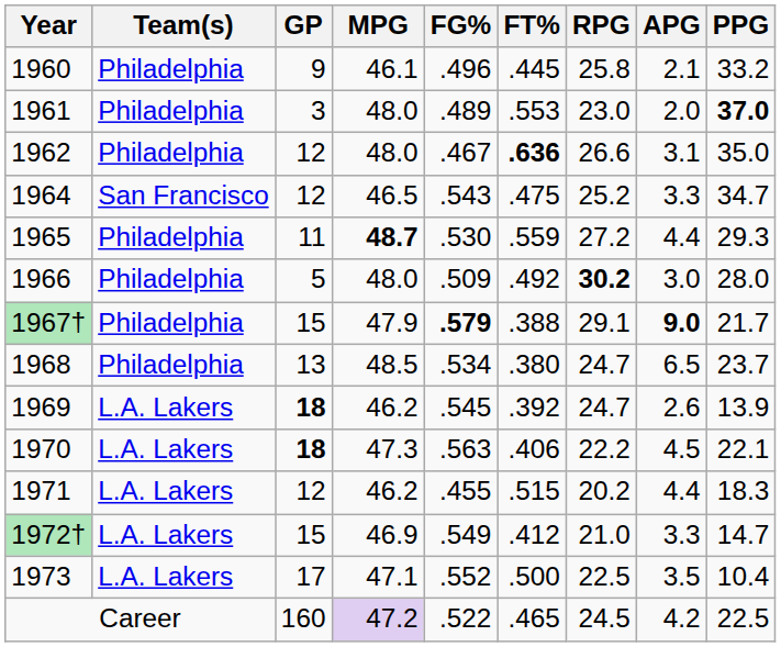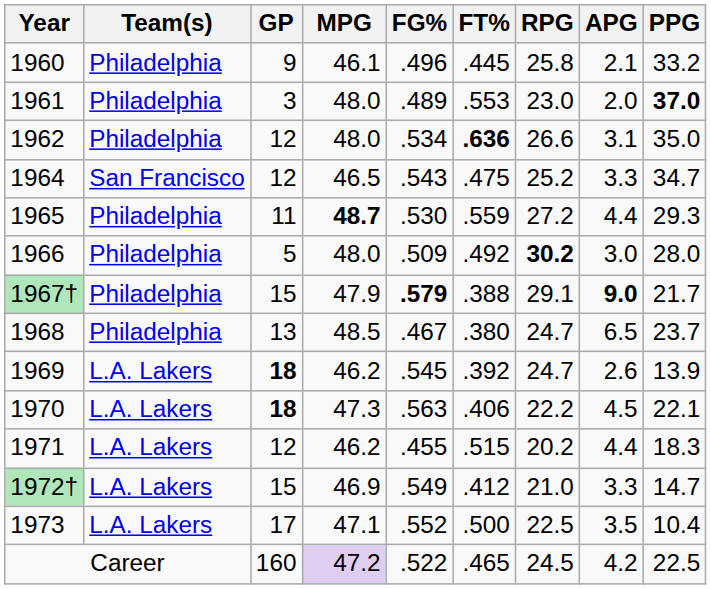 <table class="wikitable sortable" style="font-size:100%; text-align:right;">
 <tr>
 <th>Year</th>
 <th>Team(s)</th>
 <th>GP</th>
 <th>MPG</th>
 <th>FG%</th>
 <th>FT%</th>
 <th>RPG</th>
 <th>APG</th>
 <th>PPG</th>
 </tr>
 <tr>
 <td style="text-align:left;">1960</td>
 <td style="text-align:left;"><a href='#'>Philadelphia</a></td>
 <td>9</td>
 <td>46.1</td>
 <td>.496</td>
 <td>.445</td>
 <td>25.8</td>
 <td>2.1</td>
 <td>33.2</td>
 </tr>
 <tr>
 <td style="text-align:left;">1961</td>
 <td style="text-align:left;"><a href='#'>Philadelphia</a></td>
 <td>3</td>
 <td>48.0</td>
 <td>.489</td>
 <td>.553</td>
 <td>23.0</td>
 <td>2.0</td>
 <td><strong>37.0</strong></td>
 </tr>
 <tr>
 <td style="text-align:left;">1962</td>
 <td style="text-align:left;"><a href='#'>Philadelphia</a></td>
 <td>12</td>
 <td>48.0</td>
-<td>.467</td>
+<td>.534</td>
 <td><strong>.636</strong></td>
 <td>26.6</td>
 <td>3.1</td>
 <td>35.0</td>
 </tr>
 <tr>
 <td style="text-align:left;">1964</td>
 <td style="text-align:left;"><a href='#'>San Francisco</a></td>
 <td>12</td>
 <td>46.5</td>
 <td>.543</td>
 <td>.475</td>
 <td>25.2</td>
 <td>3.3</td>
 <td>34.7</td>
 </tr>
 <tr>
 <td style="text-align:left;">1965</td>
 <td style="text-align:left;"><a href='#'>Philadelphia</a></td>
 <td>11</td>
 <td><strong>48.7</strong></td>
 <td>.530</td>
 <td>.559</td>
 <td>27.2</td>
 <td>4.4</td>
 <td>29.3</td>
 </tr>
 <tr>
 <td style="text-align:left;">1966</td>
 <td style="text-align:left;"><a href='#'>Philadelphia</a></td>
 <td>5</td>
 <td>48.0</td>
 <td>.509</td>
 <td>.492</td>
 <td><strong>30.2</strong></td>
 <td>3.0</td>
 <td>28.0</td>
 </tr>
 <tr>
 <td style="text-align:left;background:#afe6ba;">1967†</td>
 <td style="text-align:left;"><a href='#'>Philadelphia</a></td>
 <td>15</td>
 <td>47.9</td>
 <td><strong>.579</strong></td>
 <td>.388</td>
 <td>29.1</td>
 <td><strong>9.0</strong></td>
 <td>21.7</td>
 </tr>
 <tr>
 <td style="text-align:left;">1968</td>
 <td style="text-align:left;"><a href='#'>Philadelphia</a></td>
 <td>13</td>
 <td>48.5</td>
-<td>.534</td>
+<td>.467</td>
 <td>.380</td>
 <td>24.7</td>
 <td>6.5</td>
 <td>23.7</td>
 </tr>
 <tr>
 <td style="text-align:left;">1969</td>
 <td style="text-align:left;"><a href='#'>L.A. Lakers</a></td>
 <td><strong>18</strong></td>
 <td>46.2</td>
 <td>.545</td>
 <td>.392</td>
 <td>24.7</td>
 <td>2.6</td>
 <td>13.9</td>
 </tr>
 <tr>
 <td style="text-align:left;">1970</td>
 <td style="text-align:left;"><a href='#'>L.A. Lakers</a></td>
 <td><strong>18</strong></td>
 <td>47.3</td>
 <td>.563</td>
 <td>.406</td>
 <td>22.2</td>
 <td>4.5</td>
 <td>22.1</td>
 </tr>
 <tr>
 <td style="text-align:left;">1971</td>
 <td style="text-align:left;"><a href='#'>L.A. Lakers</a></td>
 <td>12</td>
 <td>46.2</td>
 <td>.455</td>
 <td>.515</td>
 <td>20.2</td>
 <td>4.4</td>
 <td>18.3</td>
 </tr>
 <tr>
 <td style="text-align:left;background:#afe6ba;">1972†</td>
 <td style="text-align:left;"><a href='#'>L.A. Lakers</a></td>
 <td>15</td>
 <td>46.9</td>
 <td>.549</td>
 <td>.412</td>
 <td>21.0</td>
 <td>3.3</td>
 <td>14.7</td>
 </tr>
 <tr>
 <td style="text-align:left;">1973</td>
 <td style="text-align:left;"><a href='#'>L.A. Lakers</a></td>
 <td>17</td>
 <td>47.1</td>
 <td>.552</td>
 <td>.500</td>
 <td>22.5</td>
 <td>3.5</td>
 <td>10.4</td>
 </tr>
 <tr class="sortbottom">
 <td style="text-align:center;" colspan="2">Career</td>
 <td>160</td>
 <td style="background:#E0CEF2; width:3em">47.2</td>
 <td>.522</td>
 <td>.465</td>
 <td>24.5</td>
 <td>4.2</td>
 <td>22.5</td>
 </tr>
 </table>
